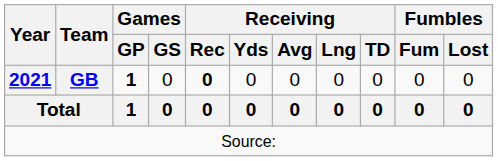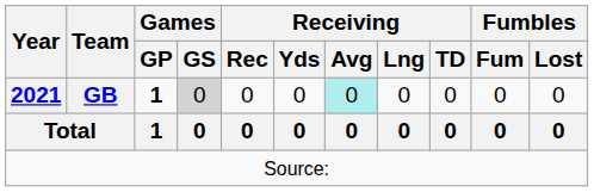 <table class="wikitable" style="text-align:center;">
 <tr>
 <th rowspan="2">Year</th>
 <th rowspan="2">Team</th>
 <th colspan="2">Games</th>
 <th colspan="5">Receiving</th>
 <th colspan="2">Fumbles</th>
 </tr>
 <tr>
 <th>GP</th>
 <th>GS</th>
 <th>Rec</th>
 <th>Yds</th>
 <th>Avg</th>
 <th>Lng</th>
 <th>TD</th>
 <th>Fum</th>
 <th>Lost</th>
 </tr>
 <tr>
 <th><a href='#'>2021</a></th>
 <th><a href='#'>GB</a></th>
 <td><strong>1</strong></td>
-<td>0</td>
-<td><strong>0</strong></td>
+<td style="background: lightgrey;">0</td>
 <td>0</td>
 <td>0</td>
+<td style="background: paleturquoise;">0</td>
 <td>0</td>
 <td>0</td>
 <td>0</td>
 <td>0</td>
 </tr>
 <tr>
 <th colspan="2">Total</th>
 <th>1</th>
 <th>0</th>
 <th>0</th>
 <th>0</th>
 <th>0</th>
 <th>0</th>
 <th>0</th>
 <th>0</th>
 <th>0</th>
 </tr>
 <tr>
 <td colspan="11"><small>Source: </small></td>
 </tr>
 </table>
